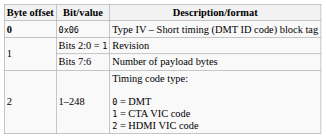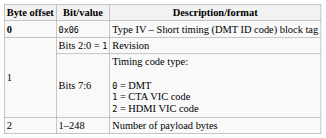 <table class=wikitable>
 <tr>
 <th>Byte offset</th>
 <th>Bit/value</th>
 <th>Description/format</th>
 </tr>
 <tr>
 <td><strong>0</strong></td>
 <td><code>0x06</code></td>
 <td>Type IV – Short timing (DMT ID code) block tag</td>
 </tr>
 <tr>
 <td rowspan=2>1</td>
 <td>Bits 2:0 = <code>1</code></td>
 <td>Revision</td>
 </tr>
 <tr>
 <td>Bits 7:6</td>
-<td>Number of payload bytes</td>
+<td>Timing code type:<br><br><code>0</code> = DMT<br> <code>1</code> = CTA VIC code<br> <code>2</code> = HDMI VIC code</td>
 </tr>
 <tr>
 <td>2</td>
 <td>1–248</td>
-<td>Timing code type:<br><br><code>0</code> = DMT<br> <code>1</code> = CTA VIC code<br> <code>2</code> = HDMI VIC code</td>
+<td>Number of payload bytes</td>
 </tr>
 </table>
